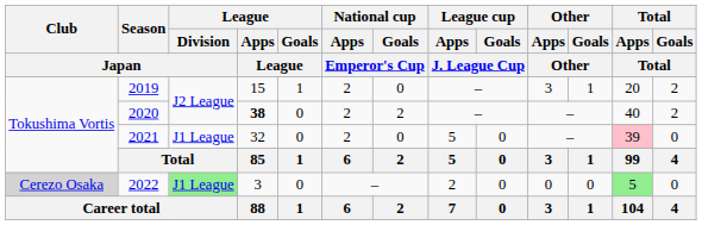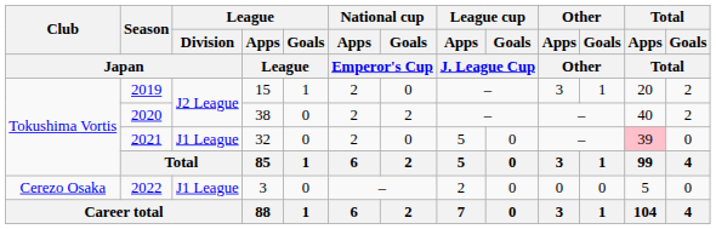 <table class="wikitable" style="text-align:center">
 <tr>
 <th rowspan=2>Club</th>
 <th rowspan=2>Season</th>
 <th colspan=3>League</th>
 <th colspan=2>National cup</th>
 <th colspan=2>League cup</th>
 <th colspan=2>Other</th>
 <th colspan=2>Total</th>
 </tr>
 <tr>
 <th>Division</th>
 <th>Apps</th>
 <th>Goals</th>
 <th>Apps</th>
 <th>Goals</th>
 <th>Apps</th>
 <th>Goals</th>
 <th>Apps</th>
 <th>Goals</th>
 <th>Apps</th>
 <th>Goals</th>
 </tr>
 <tr>
 <th colspan=3>Japan</th>
 <th colspan=2>League</th>
 <th colspan=2><a href='#'>Emperor's Cup</a></th>
 <th colspan=2><a href='#'>J. League Cup</a></th>
 <th colspan=2>Other</th>
 <th colspan=2>Total</th>
 </tr>
 <tr>
 <td rowspan="4"><a href='#'>Tokushima Vortis</a></td>
 <td><a href='#'>2019</a></td>
 <td rowspan="2"><a href='#'>J2 League</a></td>
 <td>15</td>
 <td>1</td>
 <td>2</td>
 <td>0</td>
 <td colspan="2">–</td>
 <td>3</td>
 <td>1</td>
 <td>20</td>
 <td>2</td>
 </tr>
 <tr>
 <td><a href='#'>2020</a></td>
-<td><strong>38</strong></td>
+<td>38</td>
 <td>0</td>
 <td>2</td>
 <td>2</td>
 <td colspan="2">–</td>
 <td colspan="2">–</td>
 <td>40</td>
 <td>2</td>
 </tr>
 <tr>
 <td><a href='#'>2021</a></td>
 <td><a href='#'>J1 League</a></td>
 <td>32</td>
 <td>0</td>
 <td>2</td>
 <td>0</td>
 <td>5</td>
 <td>0</td>
 <td colspan="2">–</td>
 <td style="background: pink;">39</td>
 <td>0</td>
 </tr>
 <tr>
 <th colspan="2">Total</th>
 <th>85</th>
 <th>1</th>
 <th>6</th>
 <th>2</th>
 <th>5</th>
 <th>0</th>
 <th>3</th>
 <th>1</th>
 <th>99</th>
 <th>4</th>
 </tr>
 <tr>
-<td style="background: lightgrey;"><a href='#'>Cerezo Osaka</a></td>
+<td><a href='#'>Cerezo Osaka</a></td>
 <td><a href='#'>2022</a></td>
-<td style="background: lightgreen;"><a href='#'>J1 League</a></td>
+<td><a href='#'>J1 League</a></td>
 <td>3</td>
 <td>0</td>
 <td colspan="2">–</td>
 <td>2</td>
 <td>0</td>
 <td>0</td>
 <td>0</td>
-<td style="background: lightgreen;">5</td>
+<td>5</td>
 <td>0</td>
 </tr>
 <tr>
 <th colspan=3>Career total</th>
 <th>88</th>
 <th>1</th>
 <th>6</th>
 <th>2</th>
 <th>7</th>
 <th>0</th>
 <th>3</th>
 <th>1</th>
 <th>104</th>
 <th>4</th>
 </tr>
 </table>
